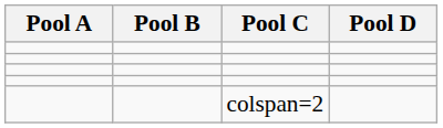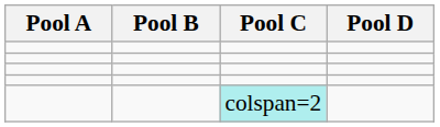 <table class="wikitable" style="white-space:nowrap;">
 <tr>
 <th width=25%>Pool A</th>
 <th width=25%>Pool B</th>
 <th width=25%>Pool C</th>
 <th width=25%>Pool D</th>
 </tr>
 <tr>
 <td></td>
 <td></td>
 <td></td>
 <td></td>
 </tr>
 <tr>
 <td></td>
 <td></td>
 <td></td>
 <td></td>
 </tr>
 <tr>
 <td></td>
 <td></td>
 <td></td>
 <td></td>
 </tr>
 <tr>
 <td></td>
 <td></td>
 <td></td>
 <td></td>
 </tr>
 <tr>
 <td></td>
 <td></td>
-<td>colspan=2 </td>
+<td style="background: paleturquoise;">colspan=2 </td>
 </tr>
 </table>
